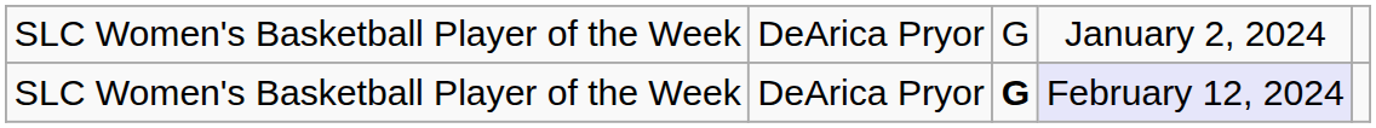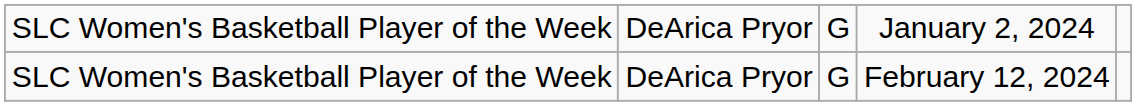 <table class="wikitable" style="text-align: center;">
 <tr align="center">
 <td rowspan="1">SLC Women's Basketball Player of the Week</td>
 <td>DeArica Pryor</td>
 <td>G</td>
 <td>January 2, 2024</td>
 <td></td>
 </tr>
 <tr align="center">
 <td rowspan="1">SLC Women's Basketball Player of the Week</td>
 <td>DeArica Pryor</td>
-<td><strong>G</strong></td>
-<td style="background: lavender;">February 12, 2024</td>
+<td>G</td>
+<td>February 12, 2024</td>
 <td></td>
 </tr>
 </table>
